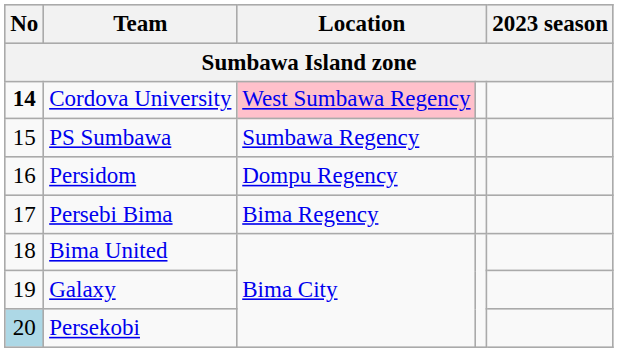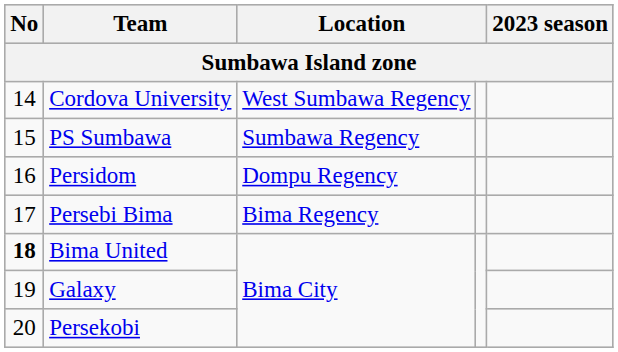 <table class="wikitable sortable" style="font-size:90%;">
 <tr>
 <th>No</th>
 <th>Team</th>
 <th colspan="2">Location</th>
 <th>2023 season</th>
 </tr>
 <tr>
 <th colspan="5" align="center"><strong>Sumbawa Island zone</strong></th>
 </tr>
 <tr>
-<td align="center"><strong>14</strong></td>
+<td align="center">14</td>
 <td><a href='#'>Cordova University</a></td>
-<td style="background: pink;"><a href='#'>West Sumbawa Regency</a></td>
+<td><a href='#'>West Sumbawa Regency</a></td>
 <td></td>
 <td align="center"></td>
 </tr>
 <tr>
 <td align="center">15</td>
 <td><a href='#'>PS Sumbawa</a></td>
 <td><a href='#'>Sumbawa Regency</a></td>
 <td></td>
 <td align="center"></td>
 </tr>
 <tr>
 <td align="center">16</td>
 <td><a href='#'>Persidom</a></td>
 <td><a href='#'>Dompu Regency</a></td>
 <td></td>
 <td align="center"></td>
 </tr>
 <tr>
 <td align="center">17</td>
 <td><a href='#'>Persebi Bima</a></td>
 <td><a href='#'>Bima Regency</a></td>
 <td></td>
 <td align="center"></td>
 </tr>
 <tr>
-<td align="center">18</td>
+<td align="center"><strong>18</strong></td>
 <td><a href='#'>Bima United</a></td>
 <td rowspan="3"><a href='#'>Bima City</a></td>
 <td rowspan="3"></td>
 <td align="center"></td>
 </tr>
 <tr>
 <td align="center">19</td>
 <td><a href='#'>Galaxy</a></td>
 <td align="center"></td>
 </tr>
 <tr>
-<td align="center" style="background: lightblue;">20</td>
+<td align="center">20</td>
 <td><a href='#'>Persekobi</a></td>
 <td align="center"></td>
 </tr>
 </table>
